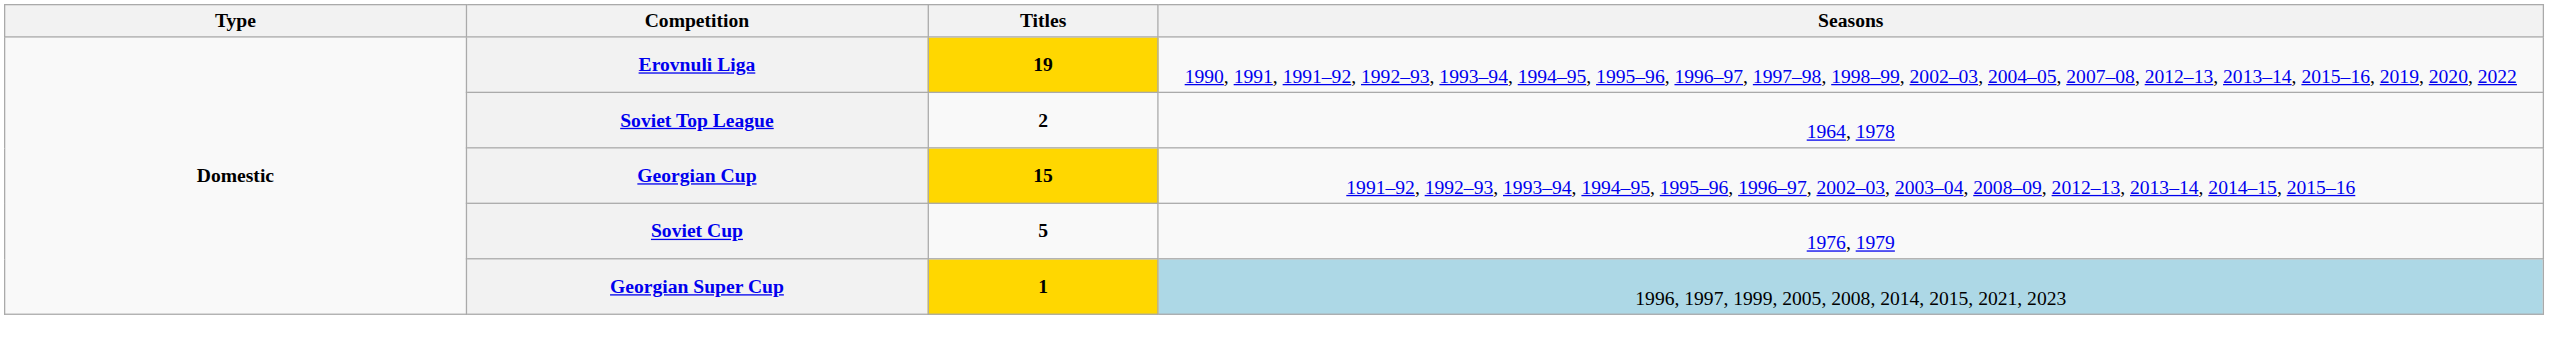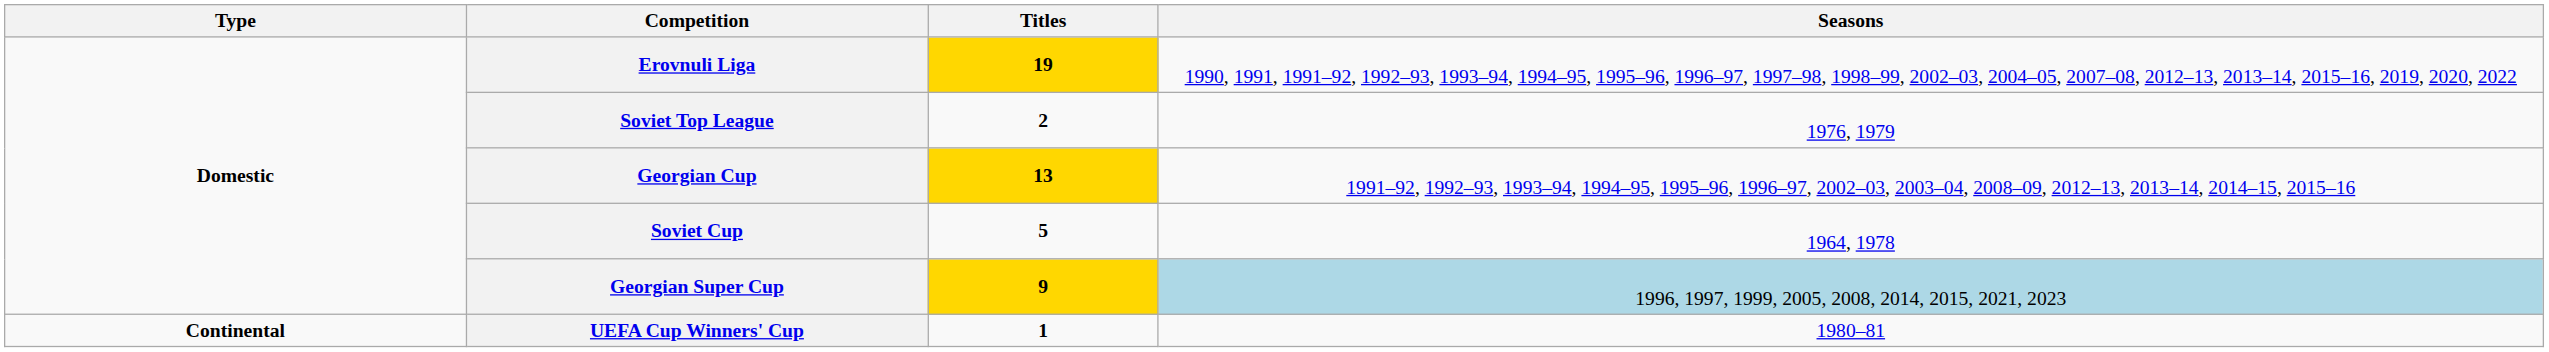 <table class="wikitable plainrowheaders" style="font-size:95%; text-align:center;">
 <tr>
 <th style="width: 10%;">Type</th>
 <th style="width: 10%;">Competition</th>
 <th style="width: 5%;">Titles</th>
 <th style="width: 30%;">Seasons</th>
 </tr>
 <tr>
 <td rowspan="5"><strong>Domestic</strong></td>
 <th scope="col"><a href='#'>Erovnuli Liga</a></th>
 <td scope="col" style="background-color: gold"><strong>19</strong></td>
 <td><br><a href='#'>1990</a>,  <a href='#'>1991</a>,  <a href='#'>1991–92</a>, <a href='#'>1992–93</a>, <a href='#'>1993–94</a>, <a href='#'>1994–95</a>, <a href='#'>1995–96</a>, <a href='#'>1996–97</a>, <a href='#'>1997–98</a>, <a href='#'>1998–99</a>, <a href='#'>2002–03</a>, <a href='#'>2004–05</a>, <a href='#'>2007–08</a>, <a href='#'>2012–13</a>, <a href='#'>2013–14</a>, <a href='#'>2015–16</a>, <a href='#'>2019</a>,  <a href='#'>2020</a>,  <a href='#'>2022</a></td>
 </tr>
 <tr>
 <th scope=col><a href='#'>Soviet Top League</a></th>
 <td><strong>2</strong></td>
-<td><br><a href='#'>1964</a>, <a href='#'>1978</a></td>
+<td><br><a href='#'>1976</a>, <a href='#'>1979</a></td>
 </tr>
 <tr>
 <th scope=col><a href='#'>Georgian Cup</a></th>
-<td scope="col" style="background-color: gold"><strong>15</strong></td>
+<td scope="col" style="background-color: gold"><strong>13</strong></td>
 <td><br><a href='#'>1991–92</a>, <a href='#'>1992–93</a>, <a href='#'>1993–94</a>, <a href='#'>1994–95</a>, <a href='#'>1995–96</a>, <a href='#'>1996–97</a>, <a href='#'>2002–03</a>, <a href='#'>2003–04</a>, <a href='#'>2008–09</a>, <a href='#'>2012–13</a>, <a href='#'>2013–14</a>, <a href='#'>2014–15</a>, <a href='#'>2015–16</a></td>
 </tr>
 <tr>
 <th scope=col><a href='#'>Soviet Cup</a></th>
 <td><strong>5</strong></td>
-<td><br><a href='#'>1976</a>, <a href='#'>1979</a></td>
+<td><br><a href='#'>1964</a>, <a href='#'>1978</a></td>
 </tr>
 <tr>
 <th scope=col><a href='#'>Georgian Super Cup</a></th>
-<td scope="col" style="background-color: gold"><strong>1</strong></td>
+<td scope="col" style="background-color: gold"><strong>9</strong></td>
 <td style="background: lightblue;"><br>1996,  1997,  1999,  2005,  2008,  2014,  2015,  2021,  2023</td>
 </tr>
+<tr>
+<td><strong>Continental</strong></td>
+<th><a href='#'>UEFA Cup Winners' Cup</a></th>
+<td><strong>1</strong></td>
+<td><a href='#'>1980–81</a></td>
+</tr>
 </table>
